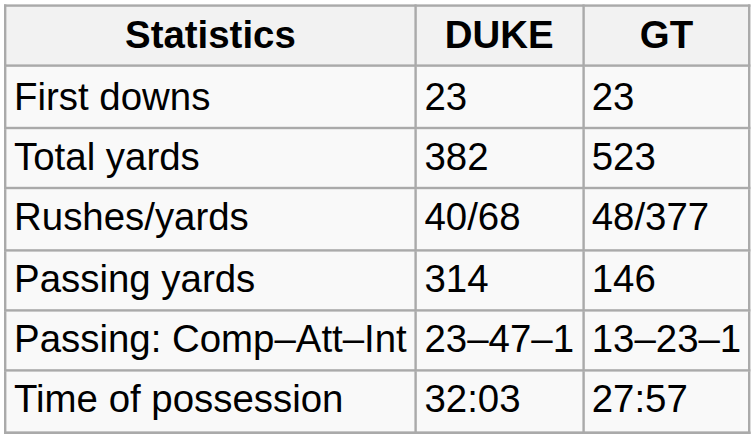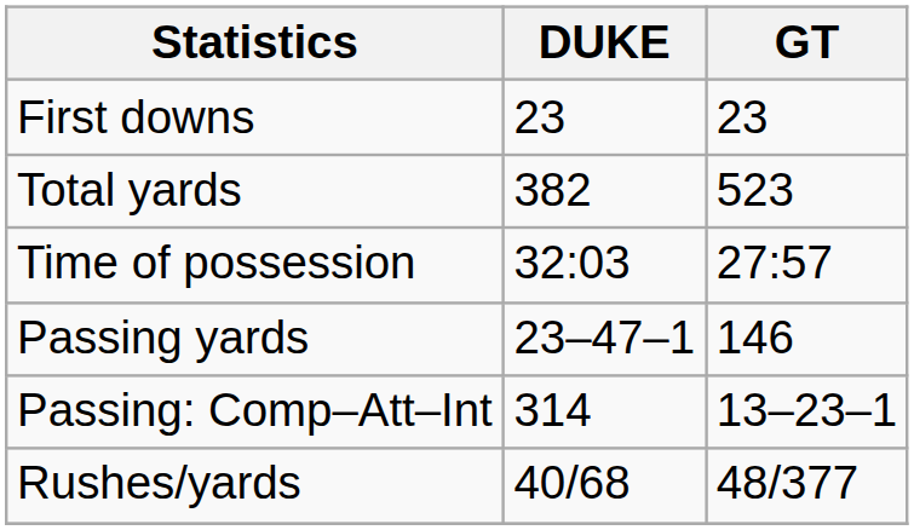 <table class="wikitable" style="float: left;">
 <tr>
 <th>Statistics</th>
 <th>DUKE</th>
 <th>GT</th>
 </tr>
 <tr>
 <td>First downs</td>
 <td>23</td>
 <td>23</td>
 </tr>
 <tr>
 <td>Total yards</td>
 <td>382</td>
 <td>523</td>
 </tr>
 <tr>
+<td>Time of possession</td>
+<td>32:03</td>
+<td>27:57</td>
+</tr>
+<tr>
+<td>Passing yards</td>
+<td>23–47–1</td>
+<td>146</td>
+</tr>
+<tr>
+<td>Passing: Comp–Att–Int</td>
+<td>314</td>
+<td>13–23–1</td>
+</tr>
+<tr>
 <td>Rushes/yards</td>
 <td>40/68</td>
 <td>48/377</td>
 </tr>
 <tr>
-<td>Passing yards</td>
-<td>314</td>
-<td>146</td>
-</tr>
-<tr>
-<td>Passing: Comp–Att–Int</td>
-<td>23–47–1</td>
-<td>13–23–1</td>
-</tr>
-<tr>
-<td>Time of possession</td>
-<td>32:03</td>
-<td>27:57</td>
-</tr>
-<tr>
 </tr>
 </table>
